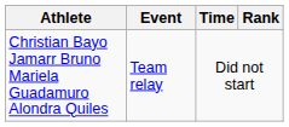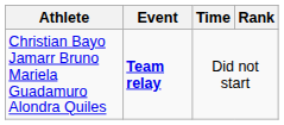 <table class="wikitable" style="text-align:center; font-size:90%; width:30%;">
 <tr>
 <th>Athlete</th>
 <th>Event</th>
 <th>Time</th>
 <th>Rank</th>
 </tr>
 <tr>
 <td align="left"><a href='#'>Christian Bayo</a><br> <a href='#'>Jamarr Bruno</a><br><a href='#'>Mariela Guadamuro</a><br><a href='#'>Alondra Quiles</a></td>
-<td align="left"><a href='#'>Team relay</a></td>
+<td align="left"><strong><a href='#'>Team relay</a></strong></td>
 <td colspan=2>Did not start</td>
 </tr>
 </table>
